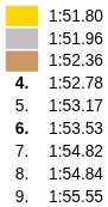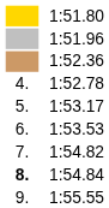 <table style="text-align:center">
 <tr>
 <td width=30 bgcolor=gold></td>
 <td align=left></td>
 <td width=60>1:51.80</td>
 </tr>
 <tr>
 <td bgcolor=silver></td>
 <td align=left></td>
 <td>1:51.96</td>
 </tr>
 <tr>
 <td bgcolor=cc9966></td>
 <td align=left></td>
 <td>1:52.36</td>
 </tr>
 <tr>
-<td><strong>4.</strong></td>
+<td>4.</td>
 <td align=left></td>
 <td>1:52.78</td>
 </tr>
 <tr>
 <td>5.</td>
 <td align=left></td>
 <td>1:53.17</td>
 </tr>
 <tr>
-<td><strong>6.</strong></td>
+<td>6.</td>
 <td align=left></td>
 <td>1:53.53</td>
 </tr>
 <tr>
 <td>7.</td>
 <td align=left></td>
 <td>1:54.82</td>
 </tr>
 <tr>
-<td>8.</td>
+<td><strong>8.</strong></td>
 <td align=left></td>
 <td>1:54.84</td>
 </tr>
 <tr>
 <td>9.</td>
 <td align=left></td>
 <td>1:55.55</td>
 </tr>
 </table>
